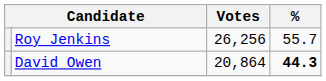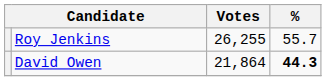 <table class="wikitable">
 <tr>
 <th colspan="2" style="width: 170px">Candidate</th>
 <th style="width: 50px">Votes</th>
 <th style="width: 40px">%</th>
 </tr>
 <tr>
 <th style="background-color: "></th>
 <td style="width: 170px"><a href='#'>Roy Jenkins</a> </td>
-<td align="right">26,256</td>
+<td align="right">26,255</td>
 <td align="right">55.7</td>
 </tr>
 <tr>
 <th style="background-color: "></th>
 <td style="width: 170px"><a href='#'>David Owen</a></td>
-<td align="right">20,864</td>
+<td align="right">21,864</td>
 <td align="right"><strong>44.3</strong></td>
 </tr>
 <tr>
 </tr>
 </table>
